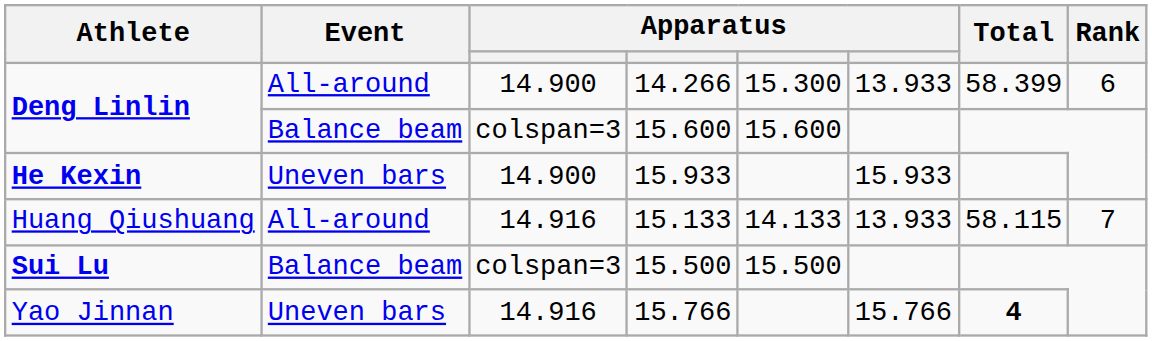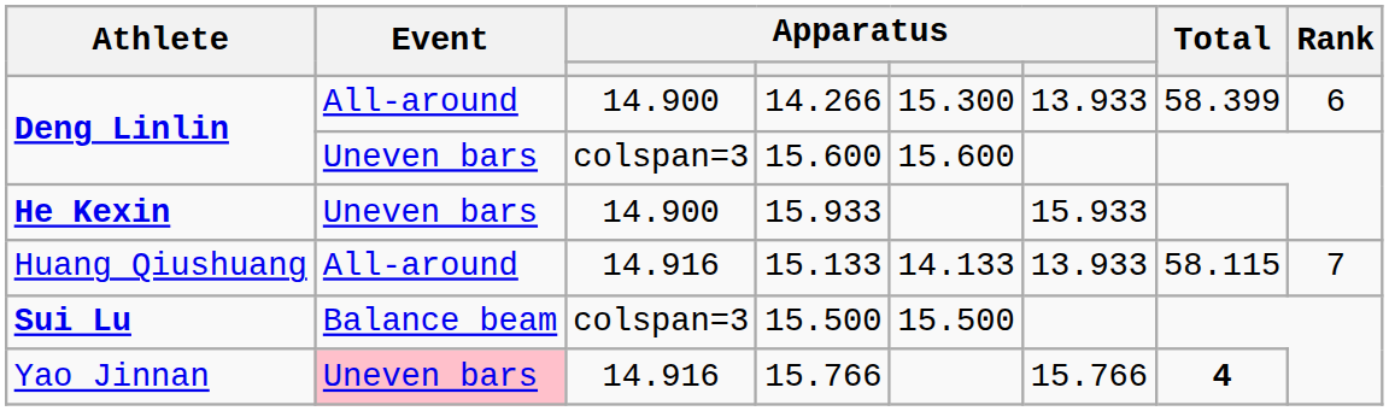 <table class="wikitable" style="font-size:90%">
 <tr>
 <th rowspan=2>Athlete</th>
 <th rowspan=2>Event</th>
 <th colspan =4>Apparatus</th>
 <th rowspan=2>Total</th>
 <th rowspan=2>Rank</th>
 </tr>
 <tr style="font-size:95%">
 <th></th>
 <th></th>
 <th></th>
 <th></th>
 </tr>
 <tr align=center>
 <td align=left rowspan=2><strong><a href='#'>Deng Linlin</a></strong></td>
 <td align=left><a href='#'>All-around</a></td>
 <td>14.900</td>
 <td>14.266</td>
 <td>15.300</td>
 <td>13.933</td>
 <td>58.399</td>
 <td>6</td>
 </tr>
 <tr align=center>
-<td align=left><a href='#'>Balance beam</a></td>
+<td align=left><a href='#'>Uneven bars</a></td>
 <td>colspan=3 </td>
 <td>15.600</td>
 <td>15.600</td>
 <td></td>
 </tr>
 <tr align=center>
 <td align=left><strong><a href='#'>He Kexin</a></strong></td>
 <td align=left><a href='#'>Uneven bars</a></td>
 <td>14.900</td>
 <td>15.933</td>
 <td></td>
 <td>15.933</td>
 <td></td>
 </tr>
 <tr align=center>
 <td align=left><a href='#'>Huang Qiushuang</a></td>
 <td align=left><a href='#'>All-around</a></td>
 <td>14.916</td>
 <td>15.133</td>
 <td>14.133</td>
 <td>13.933</td>
 <td>58.115</td>
 <td>7</td>
 </tr>
 <tr align=center>
 <td align=left><strong><a href='#'>Sui Lu</a></strong></td>
 <td align=left><a href='#'>Balance beam</a></td>
 <td>colspan=3 </td>
 <td>15.500</td>
 <td>15.500</td>
 <td></td>
 </tr>
 <tr align=center>
 <td align=left><a href='#'>Yao Jinnan</a></td>
-<td align=left><a href='#'>Uneven bars</a></td>
+<td align=left style="background: pink;"><a href='#'>Uneven bars</a></td>
 <td>14.916</td>
 <td>15.766</td>
 <td></td>
 <td>15.766</td>
 <td><strong>4</strong></td>
 </tr>
 </table>
